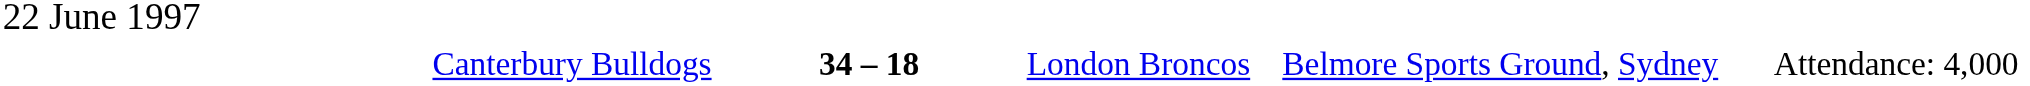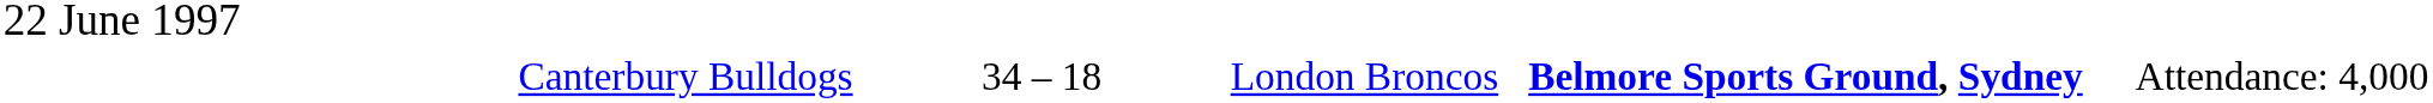 <table style="width:70%;" cellspacing="1">
 <tr>
 <th width=35%></th>
 <th width=15%></th>
 <th></th>
 </tr>
 <tr>
 <td>22 June 1997</td>
 </tr>
 <tr style=font-size:90%>
 <td align=right><a href='#'>Canterbury Bulldogs</a></td>
-<td align=center><strong>34 – 18</strong></td>
+<td align=center>34 – 18</td>
 <td><a href='#'>London Broncos</a></td>
-<td><a href='#'>Belmore Sports Ground</a>, <a href='#'>Sydney</a></td>
+<td><strong><a href='#'>Belmore Sports Ground</a>, <a href='#'>Sydney</a></strong></td>
 <td>Attendance: 4,000</td>
 </tr>
 </table>
